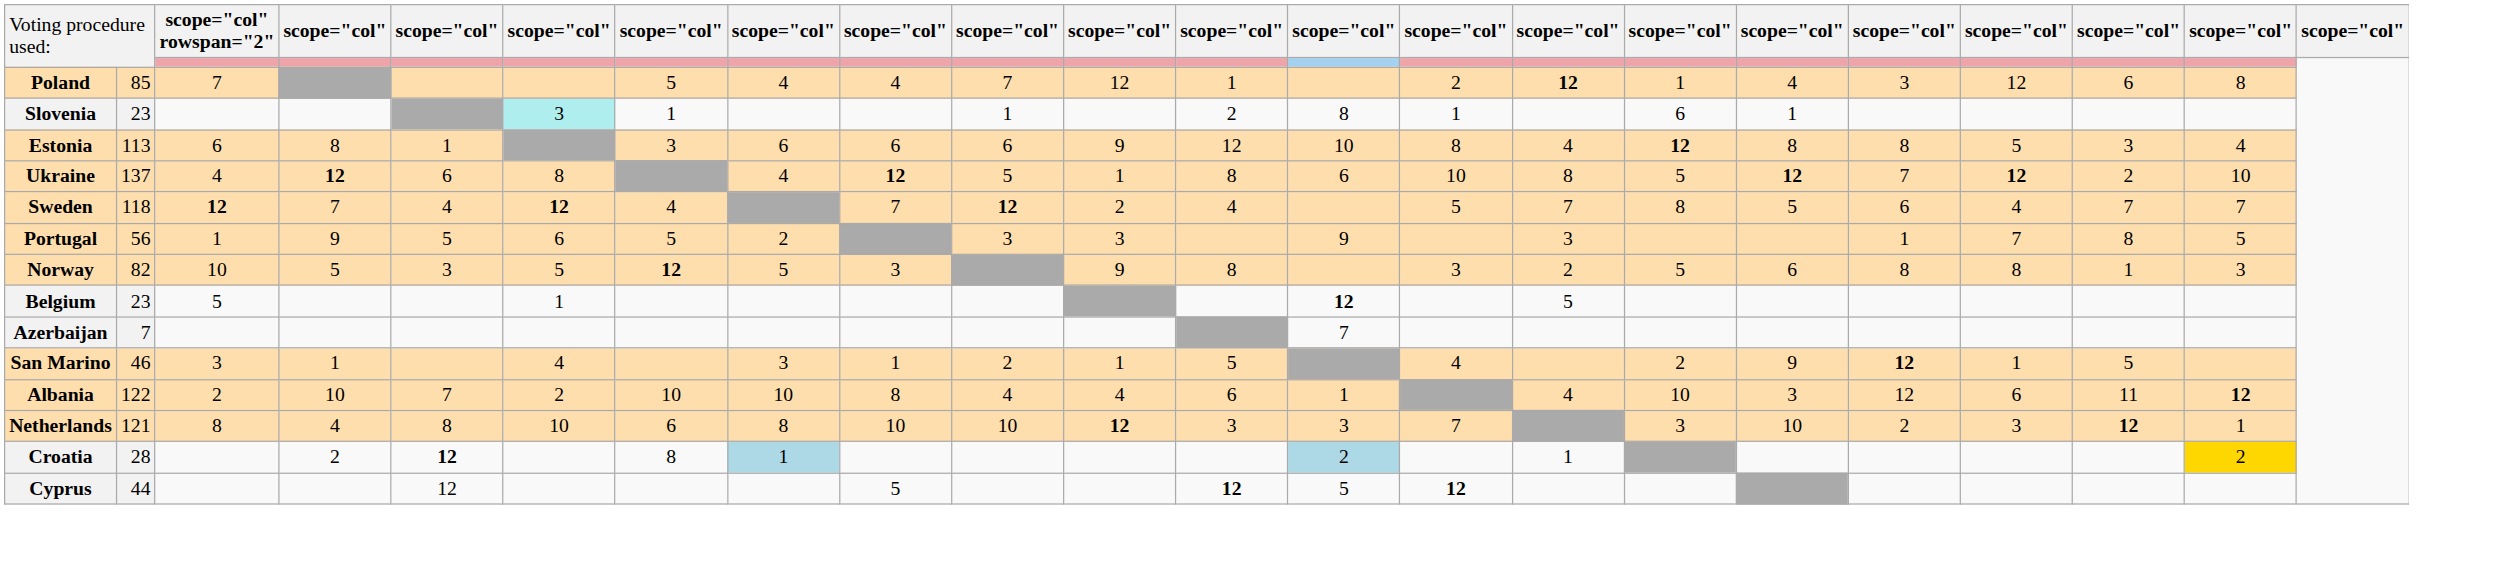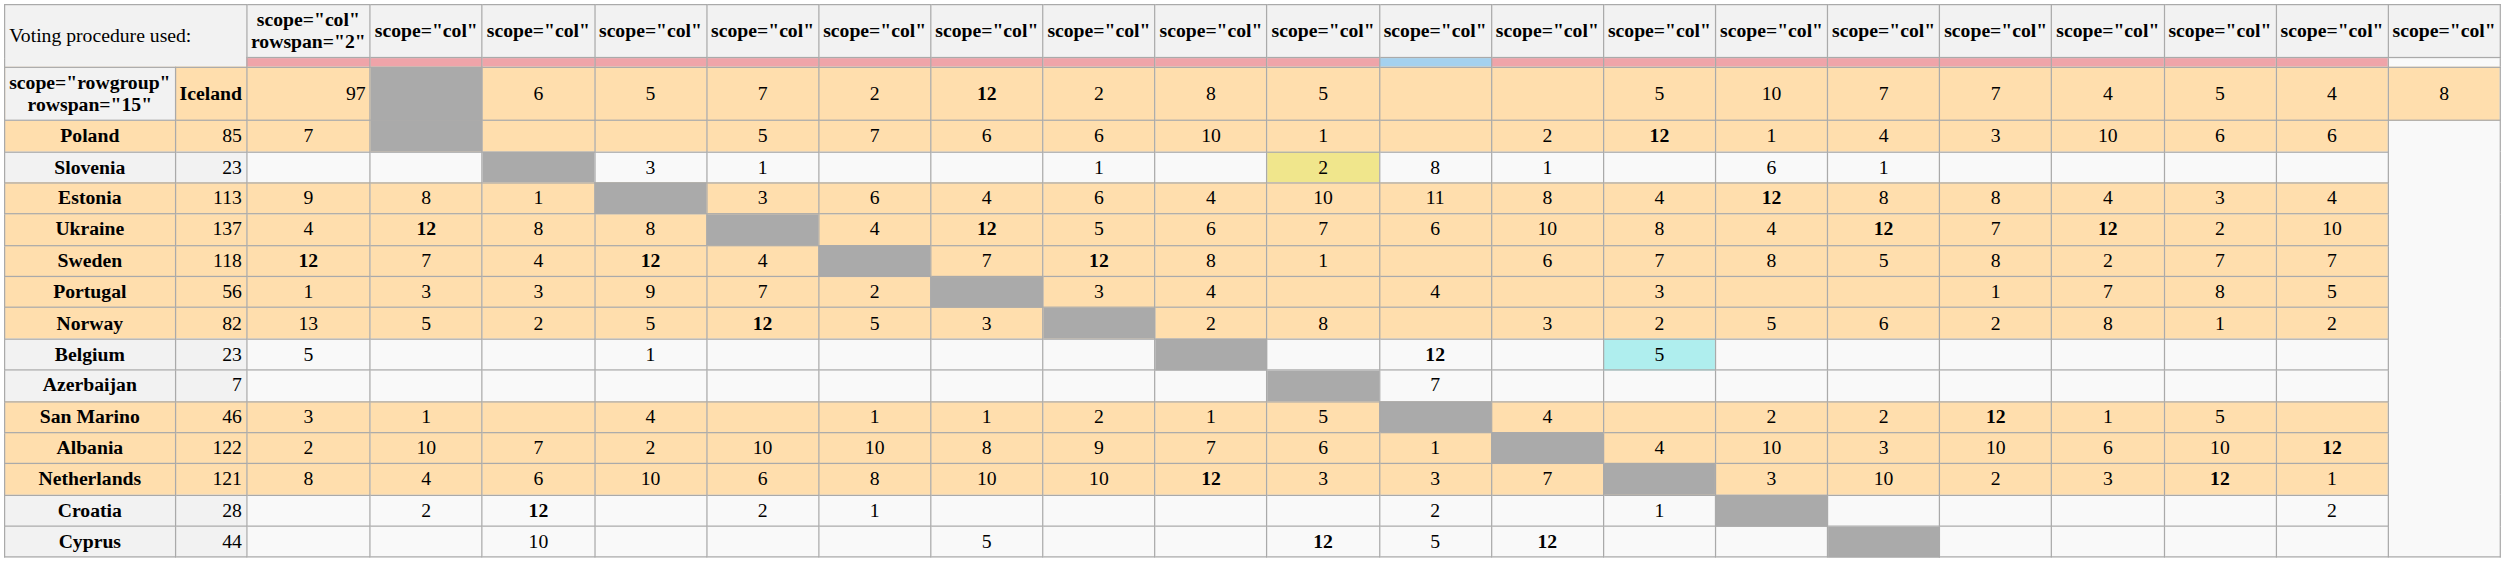 <table class="wikitable plainrowheaders" style="text-align: center;">
 <tr>
 <td colspan="2" rowspan="2" style="text-align: left; background: #F2F2F2;">Voting procedure used:<br></td>
 <th>scope="col" rowspan="2" </th>
 <th>scope="col" </th>
 <th>scope="col" </th>
 <th>scope="col" </th>
 <th>scope="col" </th>
 <th>scope="col" </th>
 <th>scope="col" </th>
 <th>scope="col" </th>
 <th>scope="col" </th>
 <th>scope="col" </th>
 <th>scope="col" </th>
 <th>scope="col" </th>
 <th>scope="col" </th>
 <th>scope="col" </th>
 <th>scope="col" </th>
 <th>scope="col" </th>
 <th>scope="col" </th>
 <th>scope="col" </th>
 <th>scope="col" </th>
 <th>scope="col" </th>
 </tr>
 <tr>
 <td style="background: #EFA4A9;"></td>
 <td style="background: #EFA4A9;"></td>
 <td style="background: #EFA4A9;"></td>
 <td style="background: #EFA4A9;"></td>
 <td style="background: #EFA4A9;"></td>
 <td style="background: #EFA4A9;"></td>
 <td style="background: #EFA4A9;"></td>
 <td style="background: #EFA4A9;"></td>
 <td style="background: #EFA4A9;"></td>
 <td style="background: #EFA4A9;"></td>
 <td style="background: #A4D1EF;"></td>
 <td style="background: #EFA4A9;"></td>
 <td style="background: #EFA4A9;"></td>
 <td style="background: #EFA4A9;"></td>
 <td style="background: #EFA4A9;"></td>
 <td style="background: #EFA4A9;"></td>
 <td style="background: #EFA4A9;"></td>
 <td style="background: #EFA4A9;"></td>
 <td style="background: #EFA4A9;"></td>
 </tr>
 <tr style="background:#ffdead;">
+<th>scope="rowgroup" rowspan="15" </th>
+<th scope="row" style="background:#ffdead;">Iceland</th>
+<td style="text-align: right;">97</td>
+<td style="background: #aaa;"></td>
+<td>6</td>
+<td>5</td>
+<td>7</td>
+<td>2</td>
+<td><strong>12</strong></td>
+<td>2</td>
+<td>8</td>
+<td>5</td>
+<td></td>
+<td></td>
+<td>5</td>
+<td>10</td>
+<td>7</td>
+<td>7</td>
+<td>4</td>
+<td>5</td>
+<td>4</td>
+<td>8</td>
+</tr>
+<tr style="background:#ffdead;">
 <th scope="row" style="background: #ffdead;">Poland</th>
 <td style="text-align: right;">85</td>
 <td>7</td>
 <td style="background: #aaa;"></td>
 <td></td>
 <td></td>
 <td>5</td>
-<td>4</td>
-<td>4</td>
 <td>7</td>
-<td>12</td>
+<td>6</td>
+<td>6</td>
+<td>10</td>
 <td>1</td>
 <td></td>
 <td>2</td>
 <td><strong>12</strong></td>
 <td>1</td>
 <td>4</td>
 <td>3</td>
-<td>12</td>
+<td>10</td>
 <td>6</td>
-<td>8</td>
+<td>6</td>
 </tr>
 <tr>
 <th scope="row" style="background: #f2f2f2;">Slovenia</th>
 <td style="text-align: right; background: #f2f2f2;">23</td>
 <td></td>
 <td></td>
 <td style="background: #aaa;"></td>
-<td style="background: paleturquoise;">3</td>
+<td>3</td>
 <td>1</td>
 <td></td>
 <td></td>
 <td>1</td>
 <td></td>
-<td>2</td>
+<td style="background: khaki;">2</td>
 <td>8</td>
 <td>1</td>
 <td></td>
 <td>6</td>
 <td>1</td>
 <td></td>
 <td></td>
 <td></td>
 <td></td>
 </tr>
 <tr style="background:#ffdead;">
 <th scope="row" style="background: #ffdead;">Estonia</th>
 <td style="text-align: right;">113</td>
-<td>6</td>
+<td>9</td>
 <td>8</td>
 <td>1</td>
 <td style="background: #aaa;"></td>
 <td>3</td>
 <td>6</td>
+<td>4</td>
 <td>6</td>
-<td>6</td>
-<td>9</td>
-<td>12</td>
+<td>4</td>
 <td>10</td>
+<td>11</td>
 <td>8</td>
 <td>4</td>
 <td><strong>12</strong></td>
 <td>8</td>
 <td>8</td>
-<td>5</td>
+<td>4</td>
 <td>3</td>
 <td>4</td>
 </tr>
 <tr style="background:#ffdead;">
 <th scope="row" style="background:#ffdead;">Ukraine</th>
 <td style="text-align: right;">137</td>
 <td>4</td>
 <td><strong>12</strong></td>
-<td>6</td>
+<td>8</td>
 <td>8</td>
 <td style="background: #aaa;"></td>
 <td>4</td>
 <td><strong>12</strong></td>
 <td>5</td>
-<td>1</td>
-<td>8</td>
+<td>6</td>
+<td>7</td>
 <td>6</td>
 <td>10</td>
 <td>8</td>
-<td>5</td>
+<td>4</td>
 <td><strong>12</strong></td>
 <td>7</td>
 <td><strong>12</strong></td>
 <td>2</td>
 <td>10</td>
 </tr>
 <tr style="background:#ffdead;">
 <th scope="row" style="background:#ffdead;">Sweden</th>
 <td style="text-align: right;">118</td>
 <td><strong>12</strong></td>
 <td>7</td>
 <td>4</td>
 <td><strong>12</strong></td>
 <td>4</td>
 <td style="background: #aaa;"></td>
 <td>7</td>
 <td><strong>12</strong></td>
-<td>2</td>
-<td>4</td>
+<td>8</td>
+<td>1</td>
 <td></td>
-<td>5</td>
+<td>6</td>
 <td>7</td>
 <td>8</td>
 <td>5</td>
-<td>6</td>
-<td>4</td>
+<td>8</td>
+<td>2</td>
 <td>7</td>
 <td>7</td>
 </tr>
 <tr style="background:#ffdead;">
 <th scope="row" style="background:#ffdead;">Portugal</th>
 <td style="text-align: right;">56</td>
 <td>1</td>
+<td>3</td>
+<td>3</td>
 <td>9</td>
-<td>5</td>
-<td>6</td>
-<td>5</td>
+<td>7</td>
 <td>2</td>
 <td style="background: #aaa;"></td>
 <td>3</td>
-<td>3</td>
+<td>4</td>
 <td></td>
-<td>9</td>
+<td>4</td>
 <td></td>
 <td>3</td>
 <td></td>
 <td></td>
 <td>1</td>
 <td>7</td>
 <td>8</td>
 <td>5</td>
 </tr>
 <tr style="background:#ffdead;">
 <th scope="row" style="background:#ffdead;">Norway</th>
 <td style="text-align: right;">82</td>
-<td>10</td>
+<td>13</td>
 <td>5</td>
-<td>3</td>
+<td>2</td>
 <td>5</td>
 <td><strong>12</strong></td>
 <td>5</td>
 <td>3</td>
 <td style="background: #aaa;"></td>
-<td>9</td>
+<td>2</td>
 <td>8</td>
 <td></td>
 <td>3</td>
 <td>2</td>
 <td>5</td>
 <td>6</td>
-<td>8</td>
+<td>2</td>
 <td>8</td>
 <td>1</td>
-<td>3</td>
+<td>2</td>
 </tr>
 <tr>
 <th scope="row" style="background:#f2f2f2;">Belgium</th>
 <td style="text-align: right; background: #f2f2f2;">23</td>
 <td>5</td>
 <td></td>
 <td></td>
 <td>1</td>
 <td></td>
 <td></td>
 <td></td>
 <td></td>
 <td style="background: #aaa;"></td>
 <td></td>
 <td><strong>12</strong></td>
 <td></td>
-<td>5</td>
+<td style="background: paleturquoise;">5</td>
 <td></td>
 <td></td>
 <td></td>
 <td></td>
 <td></td>
 <td></td>
 </tr>
 <tr>
 <th scope="row" style="background:#f2f2f2;">Azerbaijan</th>
 <td style="text-align: right; background: #f2f2f2;">7</td>
 <td></td>
 <td></td>
 <td></td>
 <td></td>
 <td></td>
 <td></td>
 <td></td>
 <td></td>
 <td></td>
 <td style="background: #aaa;"></td>
 <td>7</td>
 <td></td>
 <td></td>
 <td></td>
 <td></td>
 <td></td>
 <td></td>
 <td></td>
 <td></td>
 </tr>
 <tr style="background:#ffdead;">
 <th scope="row" style="background:#ffdead;">San Marino</th>
 <td style="text-align: right;">46</td>
 <td>3</td>
 <td>1</td>
 <td></td>
 <td>4</td>
 <td></td>
-<td>3</td>
+<td>1</td>
 <td>1</td>
 <td>2</td>
 <td>1</td>
 <td>5</td>
 <td style="background: #aaa;"></td>
 <td>4</td>
 <td></td>
 <td>2</td>
-<td>9</td>
+<td>2</td>
 <td><strong>12</strong></td>
 <td>1</td>
 <td>5</td>
 <td></td>
 </tr>
 <tr style="background:#ffdead;">
 <th scope="row" style="background:#ffdead;">Albania</th>
 <td style="text-align: right;">122</td>
 <td>2</td>
 <td>10</td>
 <td>7</td>
 <td>2</td>
 <td>10</td>
 <td>10</td>
 <td>8</td>
-<td>4</td>
-<td>4</td>
+<td>9</td>
+<td>7</td>
 <td>6</td>
 <td>1</td>
 <td style="background: #aaa;"></td>
 <td>4</td>
 <td>10</td>
 <td>3</td>
-<td>12</td>
+<td>10</td>
 <td>6</td>
-<td>11</td>
+<td>10</td>
 <td><strong>12</strong></td>
 </tr>
 <tr style="background:#ffdead;">
 <th scope="row" style="background:#ffdead;">Netherlands</th>
 <td style="text-align: right;">121</td>
 <td>8</td>
 <td>4</td>
-<td>8</td>
+<td>6</td>
 <td>10</td>
 <td>6</td>
 <td>8</td>
 <td>10</td>
 <td>10</td>
 <td><strong>12</strong></td>
 <td>3</td>
 <td>3</td>
 <td>7</td>
 <td style="background: #aaa;"></td>
 <td>3</td>
 <td>10</td>
 <td>2</td>
 <td>3</td>
 <td><strong>12</strong></td>
 <td>1</td>
 </tr>
 <tr>
 <th scope="row" style="background:#f2f2f2;">Croatia</th>
 <td style="text-align: right; background: #f2f2f2;">28</td>
 <td></td>
 <td>2</td>
 <td><strong>12</strong></td>
 <td></td>
-<td>8</td>
-<td style="background: lightblue;">1</td>
+<td>2</td>
+<td>1</td>
 <td></td>
 <td></td>
 <td></td>
 <td></td>
-<td style="background: lightblue;">2</td>
+<td>2</td>
 <td></td>
 <td>1</td>
 <td style="background: #aaa;"></td>
 <td></td>
 <td></td>
 <td></td>
 <td></td>
-<td style="background: gold;">2</td>
+<td>2</td>
 </tr>
 <tr>
 <th scope="row" style="background:#f2f2f2;">Cyprus</th>
 <td style="text-align: right; background: #f2f2f2;">44</td>
 <td></td>
 <td></td>
-<td>12</td>
+<td>10</td>
 <td></td>
 <td></td>
 <td></td>
 <td>5</td>
 <td></td>
 <td></td>
 <td><strong>12</strong></td>
 <td>5</td>
 <td><strong>12</strong></td>
 <td></td>
 <td></td>
 <td style="background: #aaa;"></td>
 <td></td>
 <td></td>
 <td></td>
 <td></td>
 </tr>
 </table>
